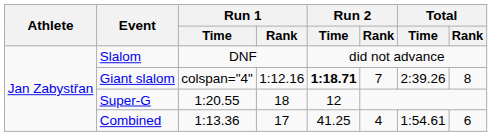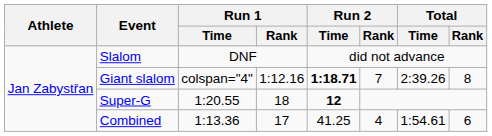 <table class="wikitable" style="font-size:90%">
 <tr>
 <th rowspan=2>Athlete</th>
 <th rowspan=2>Event</th>
 <th colspan=2>Run 1</th>
 <th colspan=2>Run 2</th>
 <th colspan=2>Total</th>
 </tr>
 <tr style="font-size:95%">
 <th>Time</th>
 <th>Rank</th>
 <th>Time</th>
 <th>Rank</th>
 <th>Time</th>
 <th>Rank</th>
 </tr>
 <tr align=center>
 <td align="left" rowspan="4"><a href='#'>Jan Zabystřan</a></td>
 <td align="left"><a href='#'>Slalom</a></td>
 <td colspan=2>DNF</td>
 <td colspan=4>did not advance</td>
 </tr>
 <tr align=center>
 <td align="left"><a href='#'>Giant slalom</a></td>
 <td>colspan="4" </td>
 <td>1:12.16</td>
 <td><strong>1:18.71</strong></td>
 <td>7</td>
 <td>2:39.26</td>
 <td>8</td>
 </tr>
 <tr align=center>
 <td align="left"><a href='#'>Super-G</a></td>
 <td>1:20.55</td>
 <td>18</td>
-<td>12</td>
+<td><strong>12</strong></td>
 </tr>
 <tr align=center>
 <td align="left"><a href='#'>Combined</a></td>
 <td>1:13.36</td>
 <td>17</td>
 <td>41.25</td>
 <td>4</td>
 <td>1:54.61</td>
 <td>6</td>
 </tr>
 </table>
